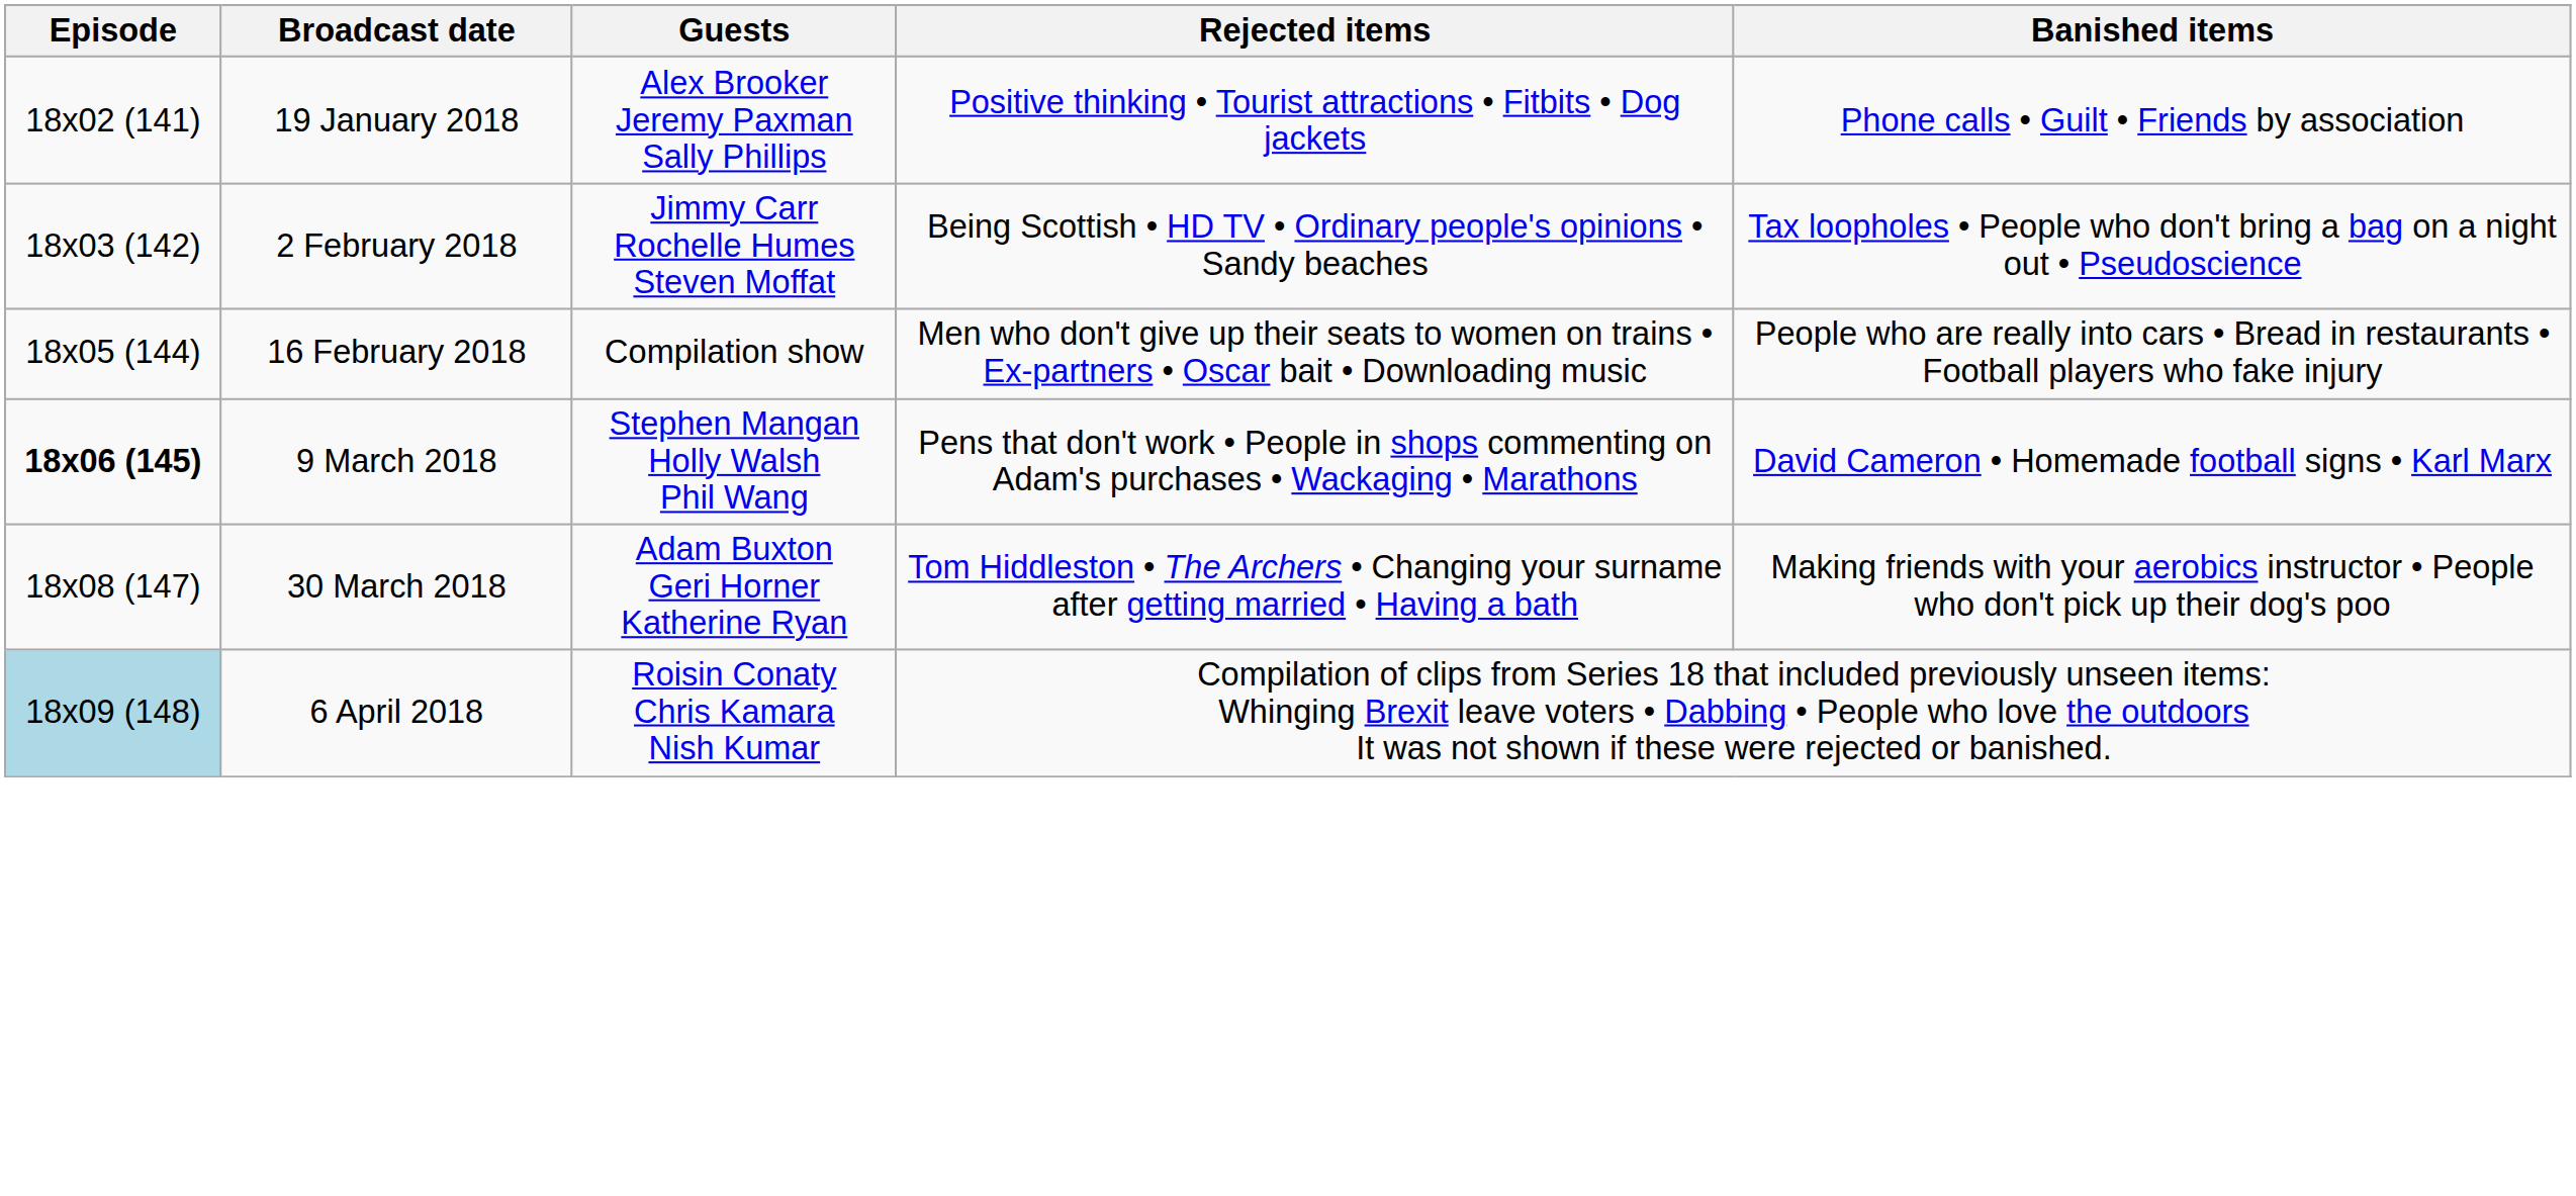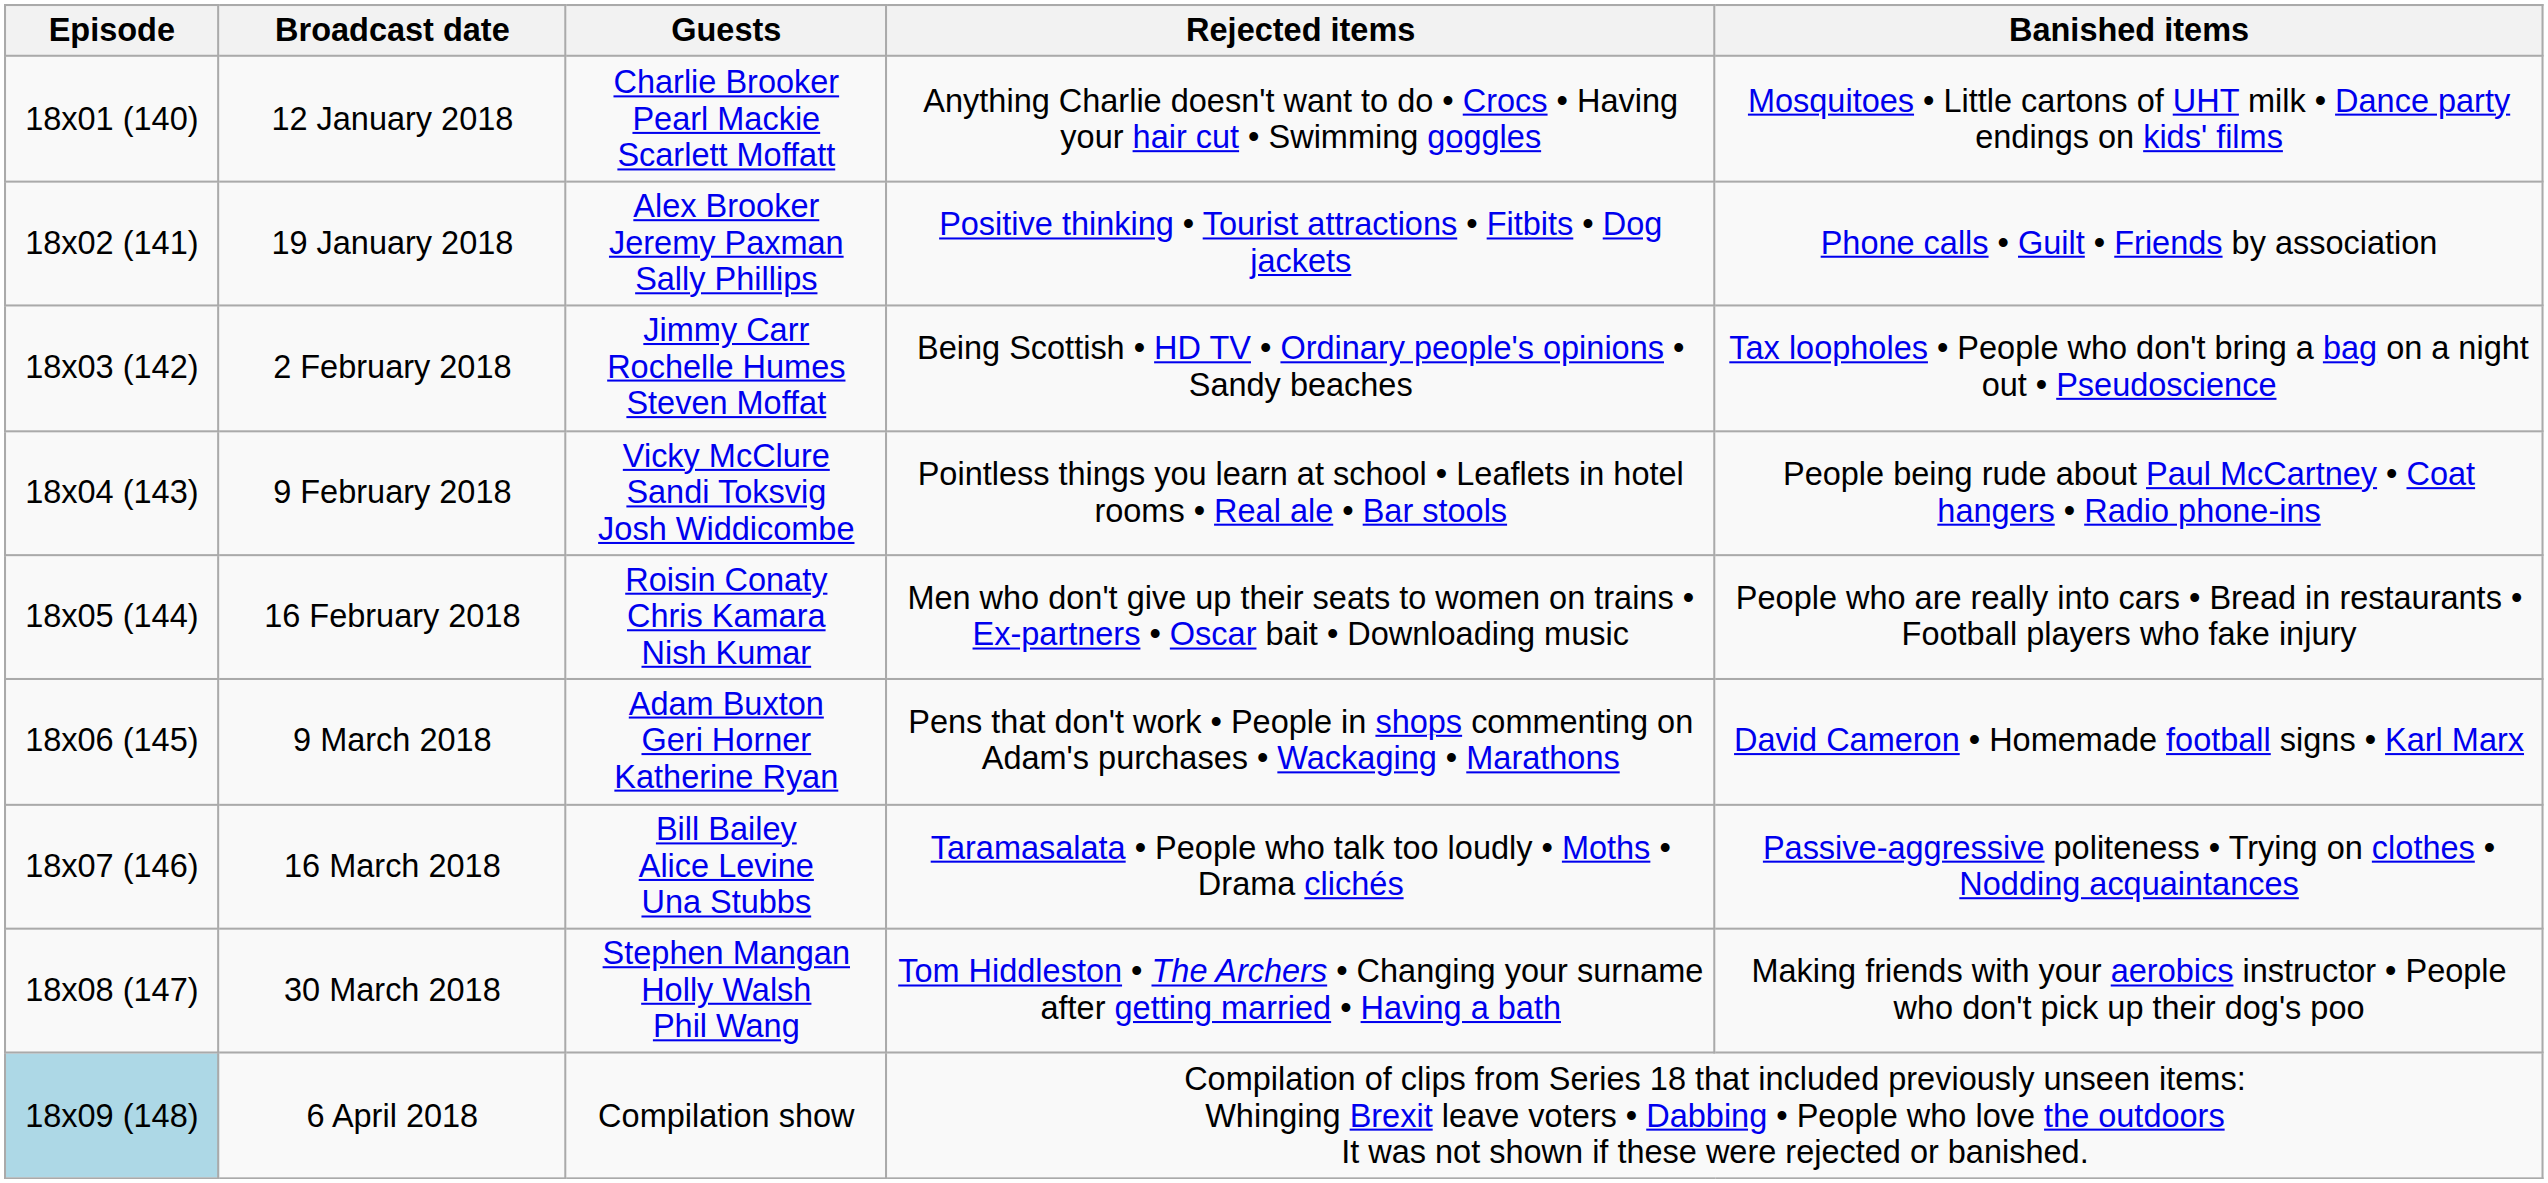 <table class="wikitable"  style="width:99%; left:0 auto; text-align:center;">
 <tr>
 <th style="width:8%;">Episode</th>
 <th style="width:13%;">Broadcast date</th>
 <th style="width:12%;">Guests</th>
 <th style="width:31%;">Rejected items</th>
 <th style="width:31%;">Banished items</th>
+</tr>
+<tr>
+<td>18x01 (140)</td>
+<td>12 January 2018</td>
+<td><a href='#'>Charlie Brooker</a><br><a href='#'>Pearl Mackie</a><br><a href='#'>Scarlett Moffatt</a></td>
+<td>Anything Charlie doesn't want to do • <a href='#'>Crocs</a> • Having your <a href='#'>hair cut</a> • Swimming <a href='#'>goggles</a></td>
+<td><a href='#'>Mosquitoes</a> • Little cartons of <a href='#'>UHT</a> milk • <a href='#'>Dance party</a> endings on <a href='#'>kids' films</a></td>
 </tr>
 <tr>
 <td>18x02 (141)</td>
 <td>19 January 2018</td>
 <td><a href='#'>Alex Brooker</a><br><a href='#'>Jeremy&nbsp;Paxman</a><br><a href='#'>Sally Phillips</a></td>
 <td><a href='#'>Positive thinking</a> • <a href='#'>Tourist attractions</a> • <a href='#'>Fitbits</a> • <a href='#'>Dog jackets</a></td>
 <td><a href='#'>Phone calls</a> • <a href='#'>Guilt</a> • <a href='#'>Friends</a> by association</td>
 </tr>
 <tr>
 <td>18x03 (142)</td>
 <td>2 February 2018</td>
 <td><a href='#'>Jimmy Carr</a><br><a href='#'>Rochelle Humes</a><br><a href='#'>Steven Moffat</a></td>
 <td>Being Scottish • <a href='#'>HD TV</a> • <a href='#'>Ordinary people's opinions</a> • Sandy beaches</td>
 <td><a href='#'>Tax loopholes</a> • People who don't bring a <a href='#'>bag</a> on a night out • <a href='#'>Pseudoscience</a></td>
 </tr>
 <tr>
+<td>18x04 (143)</td>
+<td>9 February 2018</td>
+<td><a href='#'>Vicky McClure</a><br><a href='#'>Sandi Toksvig</a><br><a href='#'>Josh&nbsp;Widdicombe</a></td>
+<td>Pointless things you learn at school • Leaflets in hotel rooms • <a href='#'>Real ale</a> • <a href='#'>Bar stools</a></td>
+<td>People being rude about <a href='#'>Paul McCartney</a> • <a href='#'>Coat hangers</a> • <a href='#'>Radio phone-ins</a></td>
+</tr>
+<tr>
 <td>18x05 (144)</td>
 <td>16 February 2018</td>
-<td>Compilation show</td>
+<td><a href='#'>Roisin Conaty</a><br><a href='#'>Chris Kamara</a><br><a href='#'>Nish Kumar</a></td>
 <td>Men who don't give up their seats to women on trains • <a href='#'>Ex-partners</a> • <a href='#'>Oscar</a> bait • Downloading music</td>
 <td>People who are really into cars • Bread in restaurants • Football players who fake injury</td>
 </tr>
 <tr>
-<td><strong>18x06 (145)</strong></td>
+<td>18x06 (145)</td>
 <td>9 March 2018</td>
-<td><a href='#'>Stephen&nbsp;Mangan</a><br><a href='#'>Holly Walsh</a><br><a href='#'>Phil Wang</a></td>
+<td><a href='#'>Adam Buxton</a><br><a href='#'>Geri Horner</a><br><a href='#'>Katherine Ryan</a></td>
 <td>Pens that don't work • People in <a href='#'>shops</a> commenting on Adam's purchases • <a href='#'>Wackaging</a> • <a href='#'>Marathons</a></td>
 <td><a href='#'>David Cameron</a> • Homemade <a href='#'>football</a> signs • <a href='#'>Karl Marx</a></td>
 </tr>
 <tr>
+<td>18x07 (146)</td>
+<td>16 March 2018</td>
+<td><a href='#'>Bill Bailey</a><br><a href='#'>Alice Levine</a><br><a href='#'>Una Stubbs</a></td>
+<td><a href='#'>Taramasalata</a> • People who talk too loudly • <a href='#'>Moths</a> • Drama <a href='#'>clichés</a></td>
+<td><a href='#'>Passive-aggressive</a> politeness • Trying on <a href='#'>clothes</a> • <a href='#'>Nodding acquaintances</a></td>
+</tr>
+<tr>
 <td>18x08 (147)</td>
 <td>30 March 2018</td>
-<td><a href='#'>Adam Buxton</a><br><a href='#'>Geri Horner</a><br><a href='#'>Katherine Ryan</a></td>
+<td><a href='#'>Stephen&nbsp;Mangan</a><br><a href='#'>Holly Walsh</a><br><a href='#'>Phil Wang</a></td>
 <td><a href='#'>Tom Hiddleston</a> • <em><a href='#'>The Archers</a></em> • Changing your surname after <a href='#'>getting married</a> • <a href='#'>Having a bath</a></td>
 <td>Making friends with your <a href='#'>aerobics</a> instructor • People who don't pick up their dog's poo</td>
 </tr>
 <tr>
 <td style="background: lightblue;">18x09 (148)</td>
 <td>6 April 2018</td>
-<td><a href='#'>Roisin Conaty</a><br><a href='#'>Chris Kamara</a><br><a href='#'>Nish Kumar</a></td>
+<td>Compilation show</td>
 <td colspan=2>Compilation of clips from Series 18 that included previously unseen items:<br>Whinging <a href='#'>Brexit</a> leave voters • <a href='#'>Dabbing</a> • People who love <a href='#'>the outdoors</a><br>It was not shown if these were rejected or banished.</td>
 </tr>
 </table>
